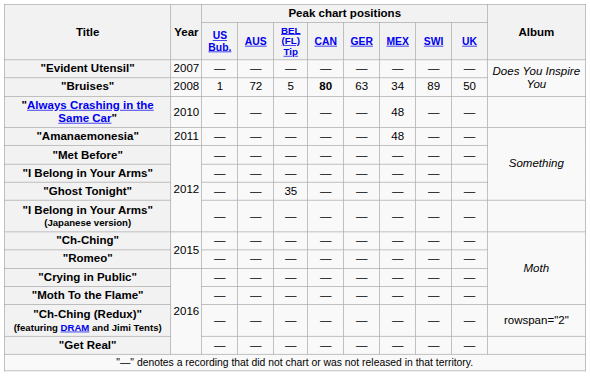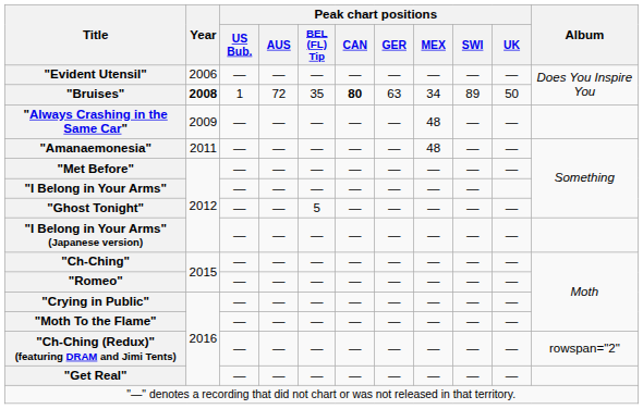 <table class="wikitable plainrowheaders" style="text-align:center;">
 <tr>
 <th scope="col" rowspan="2" style="width:14em;">Title</th>
 <th scope="col" rowspan="2" style="width:1em;">Year</th>
 <th scope="col" colspan="8" style="width:1em;">Peak chart positions</th>
 <th scope="col" rowspan="2" style="width:8em;">Album</th>
 </tr>
 <tr>
 <th scope="col" style="width:3em;font-size:90%;"><a href='#'>US<br>Bub.</a><br></th>
 <th scope="col" style="width:3em;font-size:90%;"><a href='#'>AUS</a><br></th>
 <th scope="col" style="width:3em;font-size:85%;"><a href='#'>BEL<br>(FL)<br>Tip</a><br></th>
 <th scope="col" style="width:3em;font-size:90%;"><a href='#'>CAN</a><br></th>
 <th scope="col" style="width:3em;font-size:90%;"><a href='#'>GER</a><br></th>
 <th scope="col" style="width:3em;font-size:90%;"><a href='#'>MEX</a><br></th>
 <th scope="col" style="width:3em;font-size:90%;"><a href='#'>SWI</a><br></th>
 <th scope="col" style="width:3em;font-size:90%;"><a href='#'>UK</a><br></th>
 </tr>
 <tr>
 <th scope="row">"Evident Utensil"</th>
-<td>2007</td>
+<td>2006</td>
 <td>—</td>
 <td>—</td>
 <td>—</td>
 <td>—</td>
 <td>—</td>
 <td>—</td>
 <td>—</td>
 <td>—</td>
 <td rowspan="2"><em>Does You Inspire You</em></td>
 </tr>
 <tr>
 <th scope="row">"Bruises"</th>
-<td>2008</td>
+<td><strong>2008</strong></td>
 <td>1</td>
 <td>72</td>
-<td>5</td>
+<td>35</td>
 <td><strong>80</strong></td>
 <td>63</td>
 <td>34</td>
 <td>89</td>
 <td>50</td>
 </tr>
 <tr>
 <th scope="row">"<a href='#'>Always Crashing in the Same Car</a>"</th>
-<td>2010</td>
+<td>2009</td>
 <td>—</td>
 <td>—</td>
 <td>—</td>
 <td>—</td>
 <td>—</td>
 <td>48</td>
 <td>—</td>
 <td>—</td>
 <td></td>
 </tr>
 <tr>
 <th scope="row">"Amanaemonesia"</th>
 <td>2011</td>
 <td>—</td>
 <td>—</td>
 <td>—</td>
 <td>—</td>
 <td>—</td>
 <td>48</td>
 <td>—</td>
 <td>—</td>
 <td rowspan="4"><em>Something</em></td>
 </tr>
 <tr>
 <th scope="row">"Met Before"</th>
 <td rowspan="4">2012</td>
 <td>—</td>
 <td>—</td>
 <td>—</td>
 <td>—</td>
 <td>—</td>
 <td>—</td>
 <td>—</td>
 <td>—</td>
 </tr>
 <tr>
 <th scope="row">"I Belong in Your Arms"</th>
 <td>—</td>
 <td>—</td>
 <td>—</td>
 <td>—</td>
 <td>—</td>
 <td>—</td>
 <td>—</td>
 </tr>
 <tr>
 <th scope="row">"Ghost Tonight"</th>
 <td>—</td>
 <td>—</td>
-<td>35</td>
+<td>5</td>
 <td>—</td>
 <td>—</td>
 <td>—</td>
 <td>—</td>
 <td>—</td>
 </tr>
 <tr>
 <th scope="row">"I Belong in Your Arms"<br><small>(Japanese version)</small></th>
 <td>—</td>
 <td>—</td>
 <td>—</td>
 <td>—</td>
 <td>—</td>
 <td>—</td>
 <td>—</td>
 <td>—</td>
 <td></td>
 </tr>
 <tr>
 <th scope="row">"Ch-Ching"</th>
 <td rowspan="2">2015</td>
 <td>—</td>
 <td>—</td>
 <td>—</td>
 <td>—</td>
 <td>—</td>
 <td>—</td>
 <td>—</td>
 <td>—</td>
 <td rowspan="4"><em>Moth</em></td>
 </tr>
 <tr>
 <th scope="row">"Romeo"</th>
 <td>—</td>
 <td>—</td>
 <td>—</td>
 <td>—</td>
 <td>—</td>
 <td>—</td>
 <td>—</td>
 <td>—</td>
 </tr>
 <tr>
 <th scope="row">"Crying in Public"</th>
 <td rowspan="4">2016</td>
 <td>—</td>
 <td>—</td>
 <td>—</td>
 <td>—</td>
 <td>—</td>
 <td>—</td>
 <td>—</td>
 <td>—</td>
 </tr>
 <tr>
 <th scope="row">"Moth To the Flame"</th>
 <td>—</td>
 <td>—</td>
 <td>—</td>
 <td>—</td>
 <td>—</td>
 <td>—</td>
 <td>—</td>
 <td>—</td>
 </tr>
 <tr>
 <th scope="row">"Ch-Ching (Redux)"<br><small>(featuring <a href='#'>DRAM</a> and Jimi Tents)</small></th>
 <td>—</td>
 <td>—</td>
 <td>—</td>
 <td>—</td>
 <td>—</td>
 <td>—</td>
 <td>—</td>
 <td>—</td>
 <td>rowspan="2" </td>
 </tr>
 <tr>
 <th scope="row">"Get Real"</th>
 <td>—</td>
 <td>—</td>
 <td>—</td>
 <td>—</td>
 <td>—</td>
 <td>—</td>
 <td>—</td>
 <td>—</td>
 </tr>
 <tr>
 <td colspan="14" style="font-size:90%">"—" denotes a recording that did not chart or was not released in that territory.</td>
 </tr>
 </table>
